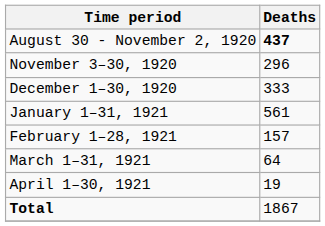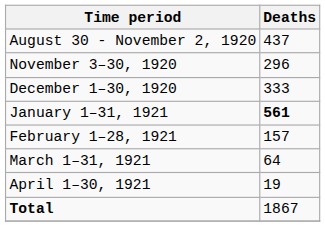 <table class="wikitable" align="right">
 <tr>
 <th>Time period</th>
 <th>Deaths</th>
 </tr>
 <tr>
 <td>August 30 - November 2, 1920</td>
-<td><strong>437</strong></td>
+<td>437</td>
 </tr>
 <tr>
 <td>November 3–30, 1920</td>
 <td>296</td>
 </tr>
 <tr>
 <td>December 1–30, 1920</td>
 <td>333</td>
 </tr>
 <tr>
 <td>January 1–31, 1921</td>
-<td>561</td>
+<td><strong>561</strong></td>
 </tr>
 <tr>
 <td>February 1–28, 1921</td>
 <td>157</td>
 </tr>
 <tr>
 <td>March 1–31, 1921</td>
 <td>64</td>
 </tr>
 <tr>
 <td>April 1–30, 1921</td>
 <td>19</td>
 </tr>
 <tr>
 <td><strong>Total</strong></td>
 <td>1867 </td>
 </tr>
 <tr>
 </tr>
 </table>
